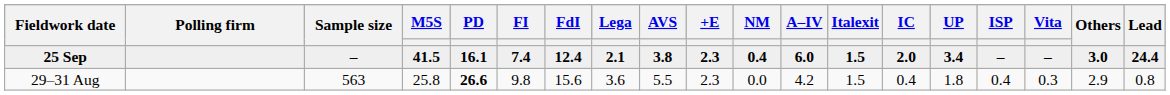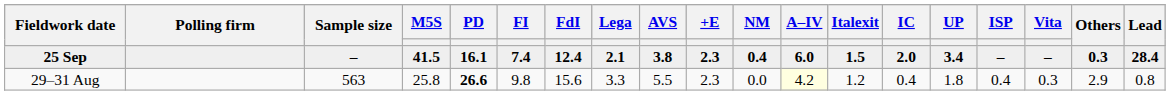 <table class="wikitable mw-collapsible" style="text-align:center;font-size:85%;line-height:13px">
 <tr style="height:30px; background-color:#8B8B8B">
 <th rowspan="2" style="width:100px;">Fieldwork date</th>
 <th rowspan="2" style="width:150px;">Polling firm</th>
 <th rowspan="2" style="width:80px;">Sample size</th>
 <th style="width:35px;"><a href='#'>M5S</a></th>
 <th style="width:35px;"><a href='#'>PD</a></th>
 <th style="width:35px;"><a href='#'>FI</a></th>
 <th style="width:35px;"><a href='#'>FdI</a></th>
 <th style="width:35px;"><a href='#'>Lega</a></th>
 <th style="width:35px;"><a href='#'>AVS</a></th>
 <th style="width:35px;"><a href='#'>+E</a></th>
 <th style="width:35px;"><a href='#'>NM</a></th>
 <th style="width:35px;"><a href='#'>A–IV</a></th>
 <th style="width:35px;"><a href='#'>Italexit</a></th>
 <th style="width:35px;"><a href='#'>IC</a></th>
 <th style="width:35px;"><a href='#'>UP</a></th>
 <th style="width:35px;"><a href='#'>ISP</a></th>
 <th style="width:35px;"><a href='#'>Vita</a></th>
 <th rowspan="2" style="width:35px;">Others</th>
 <th rowspan="2" style="width:25px;">Lead</th>
 </tr>
 <tr>
 <th style="background:"></th>
 <th style="background:"></th>
 <th style="background:"></th>
 <th style="background:"></th>
 <th style="background:"></th>
 <th style="background:"></th>
 <th style="background:"></th>
 <th style="background:"></th>
 <th style="background:"></th>
 <th style="background:"></th>
 <th style="background:"></th>
 <th style="background:"></th>
 <th style="background:"></th>
 <th style="background:"></th>
 </tr>
 <tr style="background:#EFEFEF; font-weight:bold;">
 <td>25 Sep</td>
 <td> </td>
 <td>–</td>
 <td><strong>41.5</strong></td>
 <td>16.1</td>
 <td>7.4</td>
 <td>12.4</td>
 <td>2.1</td>
 <td>3.8</td>
 <td>2.3</td>
 <td>0.4</td>
 <td>6.0</td>
 <td>1.5</td>
 <td>2.0</td>
 <td>3.4</td>
 <td>–</td>
 <td>–</td>
-<td>3.0</td>
-<td style="background:">24.4</td>
+<td>0.3</td>
+<td style="background:">28.4</td>
 </tr>
 <tr>
 <td>29–31 Aug</td>
 <td></td>
 <td>563</td>
 <td>25.8</td>
 <td><strong>26.6</strong></td>
 <td>9.8</td>
 <td>15.6</td>
-<td>3.6</td>
+<td>3.3</td>
 <td>5.5</td>
 <td>2.3</td>
 <td>0.0</td>
-<td>4.2</td>
-<td>1.5</td>
+<td style="background: lightyellow;">4.2</td>
+<td>1.2</td>
 <td>0.4</td>
 <td>1.8</td>
 <td>0.4</td>
 <td>0.3</td>
 <td>2.9</td>
 <td style="background:">0.8</td>
 </tr>
 </table>
